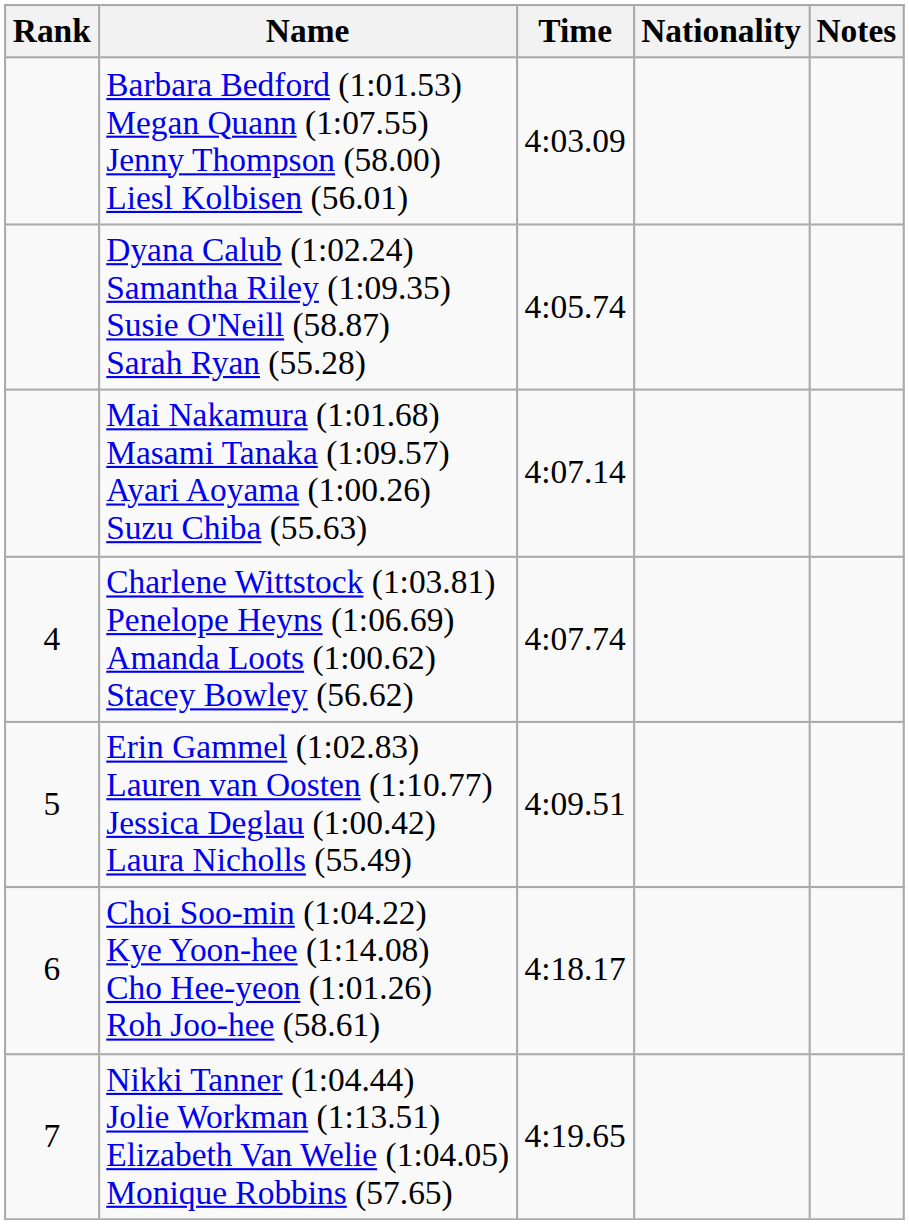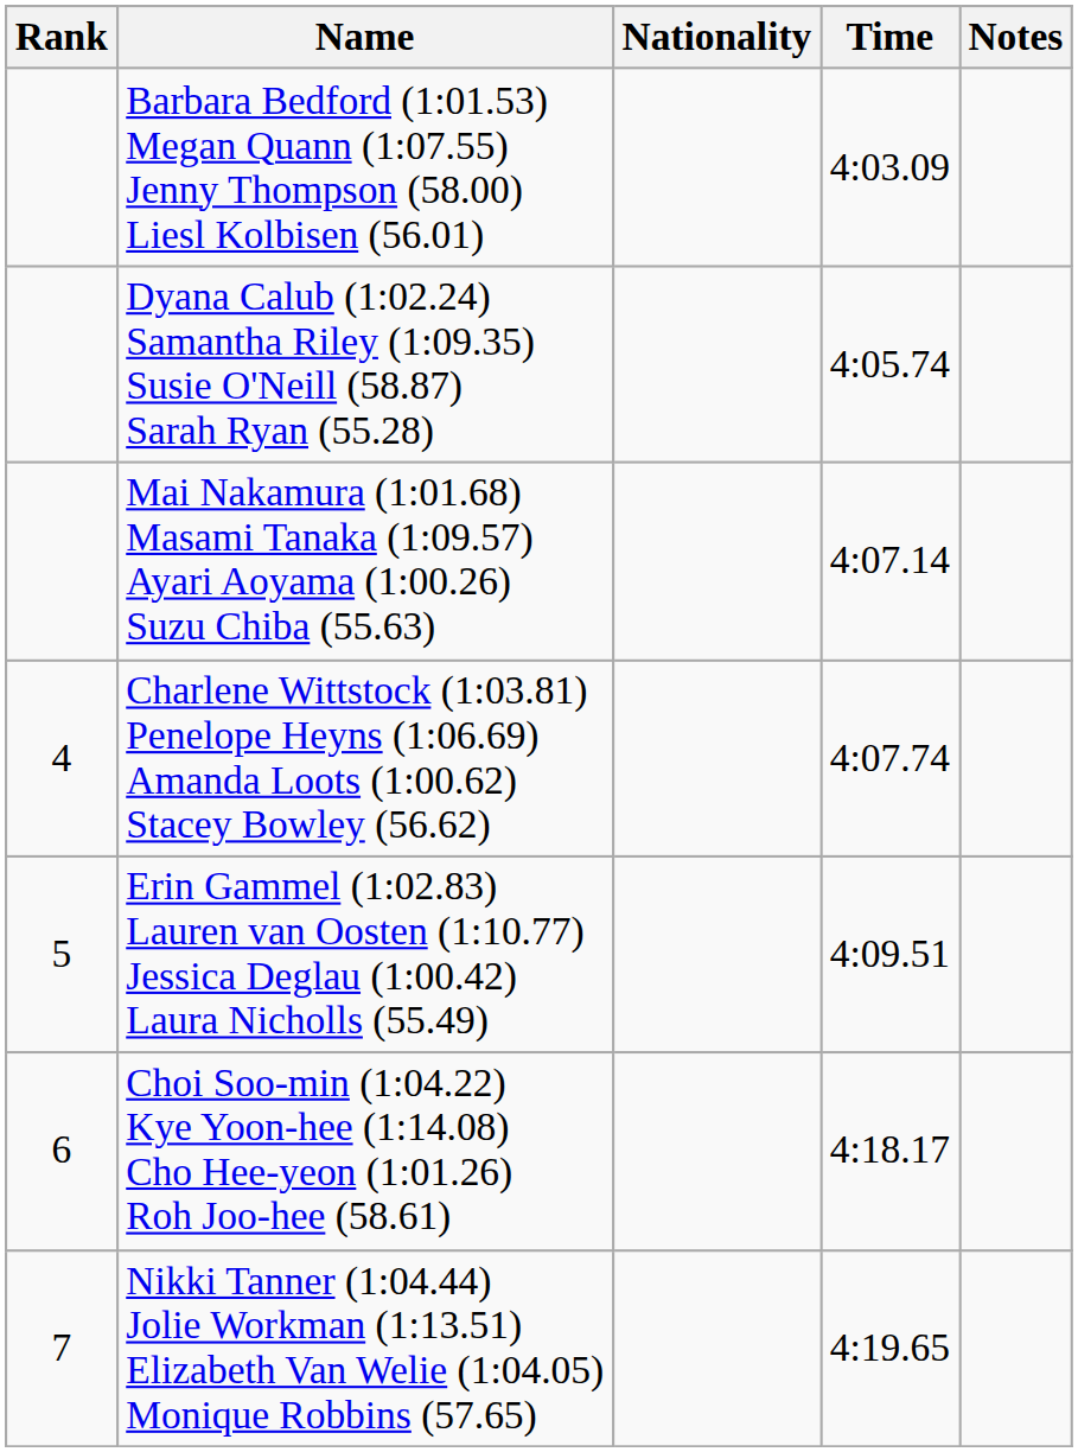 <table class="wikitable sortable" style="text-align:center">
 <tr>
 <th>Rank</th>
 <th>Name</th>
+<th>Nationality</th>
 <th>Time</th>
-<th>Nationality</th>
 <th>Notes</th>
 </tr>
 <tr>
 <td></td>
 <td align=left><a href='#'>Barbara Bedford</a> (1:01.53) <br> <a href='#'>Megan Quann</a> (1:07.55) <br> <a href='#'>Jenny Thompson</a> (58.00) <br> <a href='#'>Liesl Kolbisen</a> (56.01)</td>
+<td align=left></td>
 <td>4:03.09</td>
-<td align=left></td>
 <td></td>
 </tr>
 <tr>
 <td></td>
 <td align=left><a href='#'>Dyana Calub</a> (1:02.24) <br> <a href='#'>Samantha Riley</a> (1:09.35) <br> <a href='#'>Susie O'Neill</a> (58.87) <br> <a href='#'>Sarah Ryan</a> (55.28)</td>
+<td align=left></td>
 <td>4:05.74</td>
-<td align=left></td>
 <td></td>
 </tr>
 <tr>
 <td></td>
 <td align=left><a href='#'>Mai Nakamura</a> (1:01.68) <br> <a href='#'>Masami Tanaka</a> (1:09.57) <br> <a href='#'>Ayari Aoyama</a> (1:00.26) <br> <a href='#'>Suzu Chiba</a> (55.63)</td>
+<td align=left></td>
 <td>4:07.14</td>
-<td align=left></td>
 <td></td>
 </tr>
 <tr>
 <td>4</td>
 <td align=left><a href='#'>Charlene Wittstock</a> (1:03.81) <br><a href='#'>Penelope Heyns</a> (1:06.69) <br><a href='#'>Amanda Loots</a> (1:00.62) <br><a href='#'>Stacey Bowley</a> (56.62)</td>
+<td align=left></td>
 <td>4:07.74</td>
-<td align=left></td>
 <td></td>
 </tr>
 <tr>
 <td>5</td>
 <td align=left><a href='#'>Erin Gammel</a> (1:02.83) <br> <a href='#'>Lauren van Oosten</a> (1:10.77) <br> <a href='#'>Jessica Deglau</a> (1:00.42) <br> <a href='#'>Laura Nicholls</a> (55.49)</td>
+<td align=left></td>
 <td>4:09.51</td>
-<td align=left></td>
 <td></td>
 </tr>
 <tr>
 <td>6</td>
 <td align=left><a href='#'>Choi Soo-min</a> (1:04.22) <br> <a href='#'>Kye Yoon-hee</a> (1:14.08) <br> <a href='#'>Cho Hee-yeon</a> (1:01.26) <br> <a href='#'>Roh Joo-hee</a> (58.61)</td>
+<td align=left></td>
 <td>4:18.17</td>
-<td align=left></td>
 <td></td>
 </tr>
 <tr>
 <td>7</td>
 <td align=left><a href='#'>Nikki Tanner</a> (1:04.44) <br> <a href='#'>Jolie Workman</a> (1:13.51) <br> <a href='#'>Elizabeth Van Welie</a> (1:04.05) <br> <a href='#'>Monique Robbins</a> (57.65)</td>
+<td align=left></td>
 <td>4:19.65</td>
-<td align=left></td>
 <td></td>
 </tr>
 </table>
